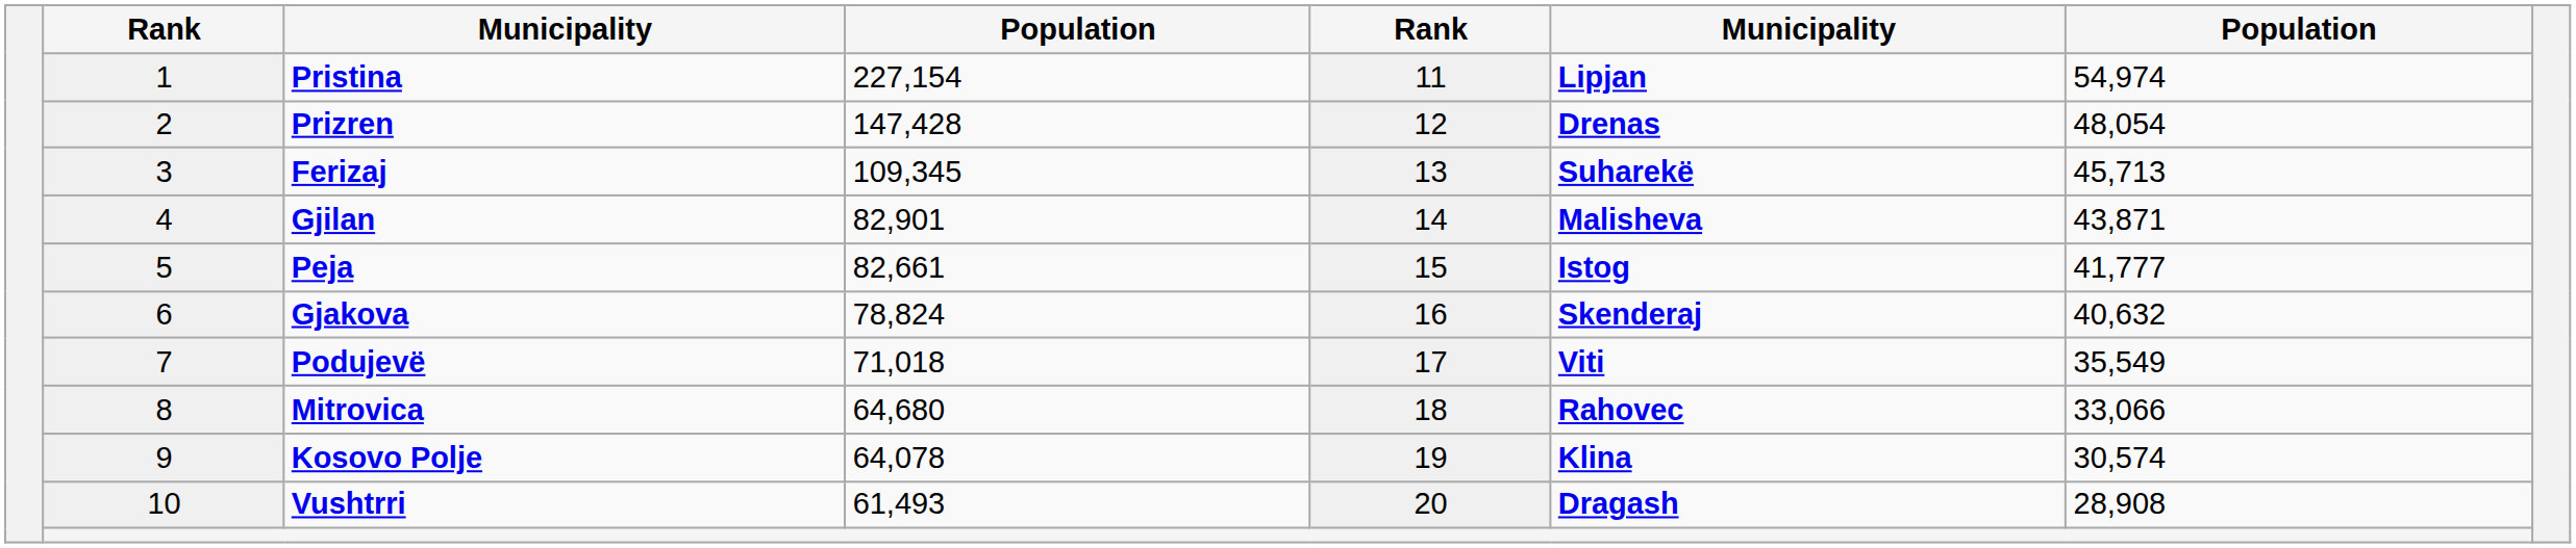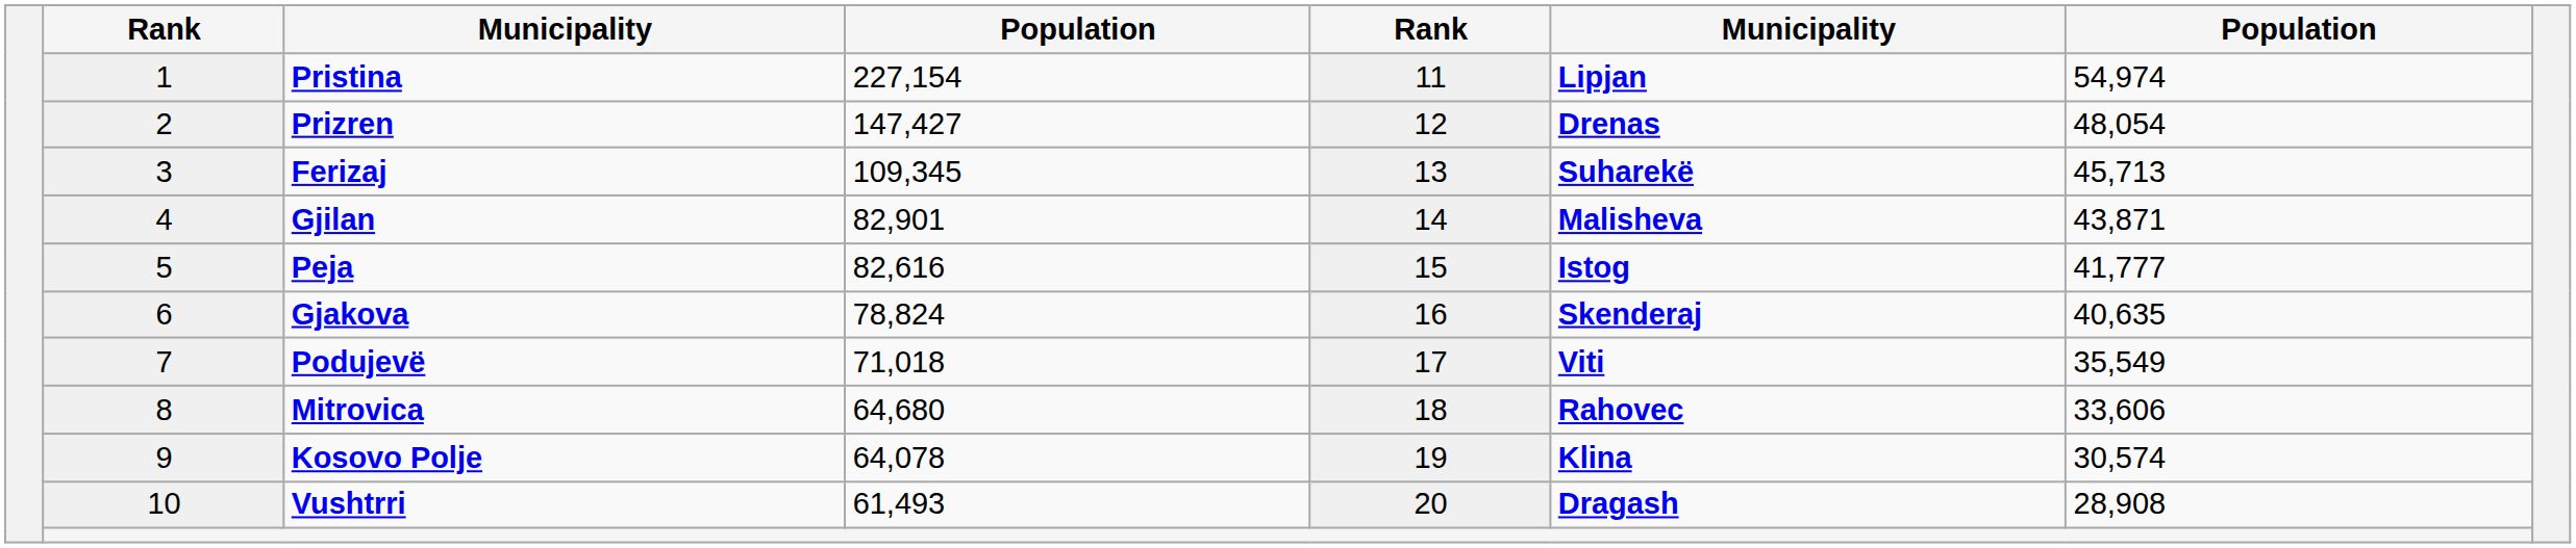 <table class="wikitable floatright" style="text-align:left; width:97%; margin-right:10px; font-size:90%">
 <tr>
 <th rowspan=23 width:150><br><br> </th>
 <th style="text-align:center; background:#f5f5f5;">Rank</th>
 <th style="text-align:center; background:#f5f5f5;">Municipality</th>
 <th style="text-align:center; background:#f5f5f5;">Population</th>
 <th style="text-align:center; background:#f5f5f5;">Rank</th>
 <th style="text-align:center; background:#f5f5f5;">Municipality</th>
 <th style="text-align:center; background:#f5f5f5;">Population</th>
 <th rowspan=23 width:150><br><br> </th>
 </tr>
 <tr>
 <td style="text-align:center; background:#f0f0f0;">1</td>
 <td align=left><strong><a href='#'>Pristina</a></strong></td>
 <td>227,154</td>
 <td style="text-align:center; background:#f0f0f0;">11</td>
 <td align=left><strong><a href='#'>Lipjan</a></strong></td>
 <td>54,974</td>
 </tr>
 <tr>
 <td style="text-align:center; background:#f0f0f0;">2</td>
 <td align=left><strong><a href='#'>Prizren</a></strong></td>
-<td>147,428</td>
+<td>147,427</td>
 <td style="text-align:center; background:#f0f0f0;">12</td>
 <td align=left><strong><a href='#'>Drenas</a></strong></td>
 <td>48,054</td>
 </tr>
 <tr>
 <td style="text-align:center; background:#f0f0f0;">3</td>
 <td align=left><strong><a href='#'>Ferizaj</a></strong></td>
 <td>109,345</td>
 <td style="text-align:center; background:#f0f0f0;">13</td>
 <td align=left><a href='#'><strong>Suharekë</strong></a></td>
 <td>45,713</td>
 </tr>
 <tr>
 <td style="text-align:center; background:#f0f0f0;">4</td>
 <td align=left><strong><a href='#'>Gjilan</a></strong></td>
 <td>82,901</td>
 <td style="text-align:center; background:#f0f0f0;">14</td>
 <td align=left><strong><a href='#'>Malisheva</a></strong></td>
 <td>43,871</td>
 </tr>
 <tr>
 <td style="text-align:center; background:#f0f0f0;">5</td>
 <td align=left><strong><a href='#'>Peja</a></strong></td>
-<td>82,661</td>
+<td>82,616</td>
 <td style="text-align:center; background:#f0f0f0;">15</td>
 <td align=left><strong><a href='#'>Istog</a></strong></td>
 <td>41,777</td>
 </tr>
 <tr>
 <td style="text-align:center; background:#f0f0f0;">6</td>
 <td align=left><strong><a href='#'>Gjakova</a></strong></td>
 <td>78,824</td>
 <td style="text-align:center; background:#f0f0f0;">16</td>
 <td align=left><strong><a href='#'>Skenderaj</a></strong></td>
-<td>40,632</td>
+<td>40,635</td>
 </tr>
 <tr>
 <td style="text-align:center; background:#f0f0f0;">7</td>
 <td align=left><strong><a href='#'>Podujevë</a></strong></td>
 <td>71,018</td>
 <td style="text-align:center; background:#f0f0f0;">17</td>
 <td align=left><a href='#'><strong>Viti</strong></a></td>
 <td>35,549</td>
 </tr>
 <tr>
 <td style="text-align:center; background:#f0f0f0;">8</td>
 <td align=left><strong><a href='#'>Mitrovica</a></strong></td>
 <td>64,680</td>
 <td style="text-align:center; background:#f0f0f0;">18</td>
 <td align=left><strong><a href='#'>Rahovec</a></strong></td>
-<td>33,066</td>
+<td>33,606</td>
 </tr>
 <tr>
 <td style="text-align:center; background:#f0f0f0;">9</td>
 <td align=left><strong><a href='#'>Kosovo Polje</a></strong></td>
 <td>64,078</td>
 <td style="text-align:center; background:#f0f0f0;">19</td>
 <td align=left><strong><a href='#'>Klina</a></strong></td>
 <td>30,574</td>
 </tr>
 <tr>
 <td style="text-align:center; background:#f0f0f0;">10</td>
 <td align=left><strong><a href='#'>Vushtrri</a></strong></td>
 <td>61,493</td>
 <td style="text-align:center; background:#f0f0f0;">20</td>
 <td align=left><strong><a href='#'>Dragash</a></strong></td>
 <td>28,908</td>
 </tr>
 <tr>
 <td colspan="6" style="text-align:center; background:#f5f5f5;"></td>
 </tr>
 </table>
